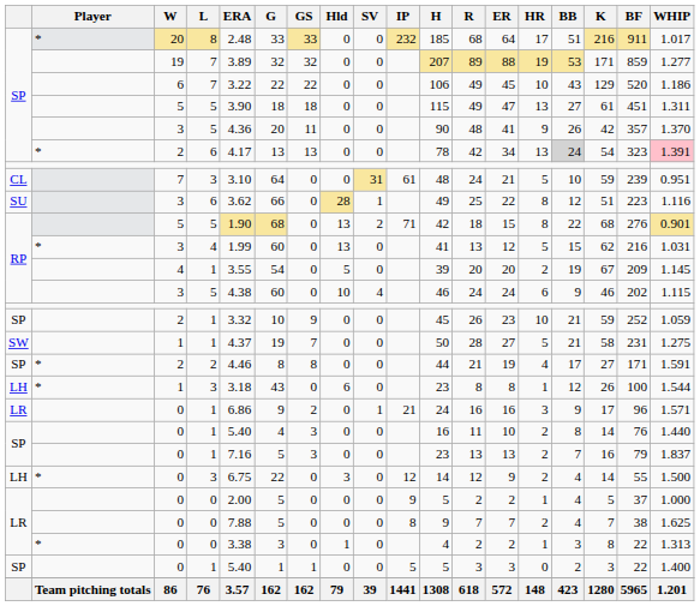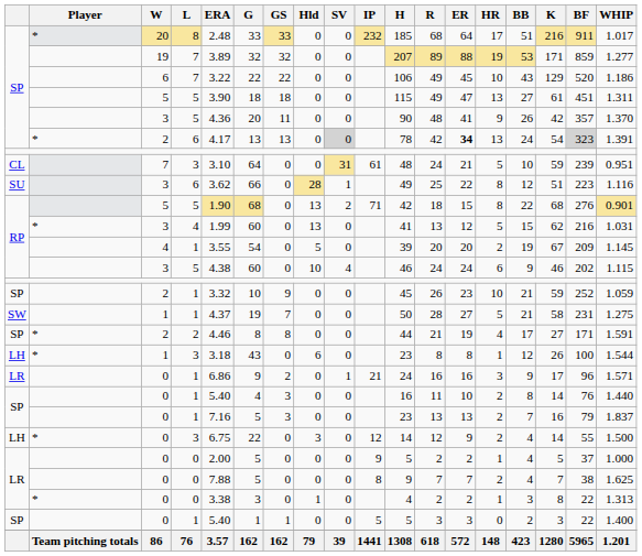 <table class="wikitable sortable sticky-header" style="text-align:right; font-size:88%;">
 <tr>
 <th></th>
 <th>Player</th>
 <th>W</th>
 <th>L</th>
 <th>ERA</th>
 <th>G</th>
 <th>GS</th>
 <th>Hld</th>
 <th>SV</th>
 <th>IP</th>
 <th>H</th>
 <th>R</th>
 <th>ER</th>
 <th>HR</th>
 <th>BB</th>
 <th>K</th>
 <th>BF</th>
 <th>WHIP</th>
 </tr>
 <tr>
 <td rowspan="6" align=center><a href='#'>SP</a></td>
 <td align=left style="background: #e5e7e9">*</td>
 <td style="background: #f9e79f; border:1px solid #aaa; width:2em;">20</td>
 <td style="background: #f9e79f; border:1px solid #aaa; width:2em;">8</td>
 <td>2.48</td>
 <td>33</td>
 <td style="background: #f9e79f; border:1px solid #aaa; width:2em;">33</td>
 <td>0</td>
 <td>0</td>
 <td style="background: #f9e79f; border:1px solid #aaa; width:2em;">232</td>
 <td>185</td>
 <td>68</td>
 <td>64</td>
 <td>17</td>
 <td>51</td>
 <td style="background: #f9e79f; border:1px solid #aaa; width:2em;">216</td>
 <td style="background: #f9e79f; border:1px solid #aaa; width:2em;">911</td>
 <td>1.017</td>
 </tr>
 <tr>
 <td style=text-align:left></td>
 <td>19</td>
 <td>7</td>
 <td>3.89</td>
 <td>32</td>
 <td>32</td>
 <td>0</td>
 <td>0</td>
 <td></td>
 <td style="background: #f9e79f; border:1px solid #aaa; width:2em;">207</td>
 <td style="background: #f9e79f; border:1px solid #aaa; width:2em;">89</td>
 <td style="background: #f9e79f; border:1px solid #aaa; width:2em;">88</td>
 <td style="background: #f9e79f; border:1px solid #aaa; width:2em;">19</td>
 <td style="background: #f9e79f; border:1px solid #aaa; width:2em;">53</td>
 <td>171</td>
 <td>859</td>
 <td>1.277</td>
 </tr>
 <tr>
 <td style=text-align:left></td>
 <td>6</td>
 <td>7</td>
 <td>3.22</td>
 <td>22</td>
 <td>22</td>
 <td>0</td>
 <td>0</td>
 <td></td>
 <td>106</td>
 <td>49</td>
 <td>45</td>
 <td>10</td>
 <td>43</td>
 <td>129</td>
 <td>520</td>
 <td>1.186</td>
 </tr>
 <tr>
 <td style=text-align:left></td>
 <td>5</td>
 <td>5</td>
 <td>3.90</td>
 <td>18</td>
 <td>18</td>
 <td>0</td>
 <td>0</td>
 <td></td>
 <td>115</td>
 <td>49</td>
 <td>47</td>
 <td>13</td>
 <td>27</td>
 <td>61</td>
 <td>451</td>
 <td>1.311</td>
 </tr>
 <tr>
 <td style=text-align:left></td>
 <td>3</td>
 <td>5</td>
 <td>4.36</td>
 <td>20</td>
 <td>11</td>
 <td>0</td>
 <td>0</td>
 <td></td>
 <td>90</td>
 <td>48</td>
 <td>41</td>
 <td>9</td>
 <td>26</td>
 <td>42</td>
 <td>357</td>
 <td>1.370</td>
 </tr>
 <tr>
 <td style=text-align:left>*</td>
 <td>2</td>
 <td>6</td>
 <td>4.17</td>
 <td>13</td>
 <td>13</td>
 <td>0</td>
-<td>0</td>
+<td style="background: lightgrey;">0</td>
 <td></td>
 <td>78</td>
 <td>42</td>
-<td>34</td>
+<td><strong>34</strong></td>
 <td>13</td>
-<td style="background: lightgrey;">24</td>
+<td>24</td>
 <td>54</td>
-<td>323</td>
-<td style="background: pink;">1.391</td>
+<td style="background: lightgrey;">323</td>
+<td>1.391</td>
 </tr>
 <tr>
 <td colspan="17"></td>
 <td></td>
 </tr>
 <tr>
 <td align=center><a href='#'>CL</a></td>
 <td align=left style="background: #e5e7e9"></td>
 <td>7</td>
 <td>3</td>
 <td>3.10</td>
 <td>64</td>
 <td>0</td>
 <td>0</td>
 <td style="background: #f9e79f; border:1px solid #aaa; width:2em;">31</td>
 <td>61</td>
 <td>48</td>
 <td>24</td>
 <td>21</td>
 <td>5</td>
 <td>10</td>
 <td>59</td>
 <td>239</td>
 <td>0.951</td>
 </tr>
 <tr>
 <td align=center><a href='#'>SU</a></td>
 <td align=left style="background: #e5e7e9"></td>
 <td>3</td>
 <td>6</td>
 <td>3.62</td>
 <td>66</td>
 <td>0</td>
 <td style="background: #f9e79f; border:1px solid #aaa; width:2em;">28</td>
 <td>1</td>
 <td></td>
 <td>49</td>
 <td>25</td>
 <td>22</td>
 <td>8</td>
 <td>12</td>
 <td>51</td>
 <td>223</td>
 <td>1.116</td>
 </tr>
 <tr>
 <td rowspan="4" align=center><a href='#'>RP</a></td>
 <td align=left style="background: #e5e7e9"></td>
 <td>5</td>
 <td>5</td>
 <td style="background: #f9e79f; border:1px solid #aaa; width:2em;">1.90</td>
 <td style="background: #f9e79f; border:1px solid #aaa; width:2em;">68</td>
 <td>0</td>
 <td>13</td>
 <td>2</td>
 <td>71</td>
 <td>42</td>
 <td>18</td>
 <td>15</td>
 <td>8</td>
 <td>22</td>
 <td>68</td>
 <td>276</td>
 <td style="background: #f9e79f; border:1px solid #aaa; width:2em;">0.901</td>
 </tr>
 <tr>
 <td style=text-align:left>*</td>
 <td>3</td>
 <td>4</td>
 <td>1.99</td>
 <td>60</td>
 <td>0</td>
 <td>13</td>
 <td>0</td>
 <td></td>
 <td>41</td>
 <td>13</td>
 <td>12</td>
 <td>5</td>
 <td>15</td>
 <td>62</td>
 <td>216</td>
 <td>1.031</td>
 </tr>
 <tr>
 <td style=text-align:left></td>
 <td>4</td>
 <td>1</td>
 <td>3.55</td>
 <td>54</td>
 <td>0</td>
 <td>5</td>
 <td>0</td>
 <td></td>
 <td>39</td>
 <td>20</td>
 <td>20</td>
 <td>2</td>
 <td>19</td>
 <td>67</td>
 <td>209</td>
 <td>1.145</td>
 </tr>
 <tr>
 <td style=text-align:left></td>
 <td>3</td>
 <td>5</td>
 <td>4.38</td>
 <td>60</td>
 <td>0</td>
 <td>10</td>
 <td>4</td>
 <td></td>
 <td>46</td>
 <td>24</td>
 <td>24</td>
 <td>6</td>
 <td>9</td>
 <td>46</td>
 <td>202</td>
 <td>1.115</td>
 </tr>
 <tr>
 <td colspan="17"></td>
 <td></td>
 </tr>
 <tr>
 <td align=center>SP</td>
 <td style=text-align:left></td>
 <td>2</td>
 <td>1</td>
 <td>3.32</td>
 <td>10</td>
 <td>9</td>
 <td>0</td>
 <td>0</td>
 <td></td>
 <td>45</td>
 <td>26</td>
 <td>23</td>
 <td>10</td>
 <td>21</td>
 <td>59</td>
 <td>252</td>
 <td>1.059</td>
 </tr>
 <tr>
 <td align=center><a href='#'>SW</a></td>
 <td style=text-align:left></td>
 <td>1</td>
 <td>1</td>
 <td>4.37</td>
 <td>19</td>
 <td>7</td>
 <td>0</td>
 <td>0</td>
 <td></td>
 <td>50</td>
 <td>28</td>
 <td>27</td>
 <td>5</td>
 <td>21</td>
 <td>58</td>
 <td>231</td>
 <td>1.275</td>
 </tr>
 <tr>
 <td align=center>SP</td>
 <td style=text-align:left>*</td>
 <td>2</td>
 <td>2</td>
 <td>4.46</td>
 <td>8</td>
 <td>8</td>
 <td>0</td>
 <td>0</td>
 <td></td>
 <td>44</td>
 <td>21</td>
 <td>19</td>
 <td>4</td>
 <td>17</td>
 <td>27</td>
 <td>171</td>
 <td>1.591</td>
 </tr>
 <tr>
 <td align=center><a href='#'>LH</a></td>
 <td style=text-align:left>*</td>
 <td>1</td>
 <td>3</td>
 <td>3.18</td>
 <td>43</td>
 <td>0</td>
 <td>6</td>
 <td>0</td>
 <td></td>
 <td>23</td>
 <td>8</td>
 <td>8</td>
 <td>1</td>
 <td>12</td>
 <td>26</td>
 <td>100</td>
 <td>1.544</td>
 </tr>
 <tr>
 <td align=center><a href='#'>LR</a></td>
 <td style=text-align:left></td>
 <td>0</td>
 <td>1</td>
 <td>6.86</td>
 <td>9</td>
 <td>2</td>
 <td>0</td>
 <td>1</td>
 <td>21</td>
 <td>24</td>
 <td>16</td>
 <td>16</td>
 <td>3</td>
 <td>9</td>
 <td>17</td>
 <td>96</td>
 <td>1.571</td>
 </tr>
 <tr>
 <td rowspan="2" align=center>SP</td>
 <td style=text-align:left></td>
 <td>0</td>
 <td>1</td>
 <td>5.40</td>
 <td>4</td>
 <td>3</td>
 <td>0</td>
 <td>0</td>
 <td></td>
 <td>16</td>
 <td>11</td>
 <td>10</td>
 <td>2</td>
 <td>8</td>
 <td>14</td>
 <td>76</td>
 <td>1.440</td>
 </tr>
 <tr>
 <td style=text-align:left></td>
 <td>0</td>
 <td>1</td>
 <td>7.16</td>
 <td>5</td>
 <td>3</td>
 <td>0</td>
 <td>0</td>
 <td></td>
 <td>23</td>
 <td>13</td>
 <td>13</td>
 <td>2</td>
 <td>7</td>
 <td>16</td>
 <td>79</td>
 <td>1.837</td>
 </tr>
 <tr>
 <td align=center>LH</td>
 <td style=text-align:left>*</td>
 <td>0</td>
 <td>3</td>
 <td>6.75</td>
 <td>22</td>
 <td>0</td>
 <td>3</td>
 <td>0</td>
 <td>12</td>
 <td>14</td>
 <td>12</td>
 <td>9</td>
 <td>2</td>
 <td>4</td>
 <td>14</td>
 <td>55</td>
 <td>1.500</td>
 </tr>
 <tr>
 <td rowspan="3" align=center>LR</td>
 <td style=text-align:left></td>
 <td>0</td>
 <td>0</td>
 <td>2.00</td>
 <td>5</td>
 <td>0</td>
 <td>0</td>
 <td>0</td>
 <td>9</td>
 <td>5</td>
 <td>2</td>
 <td>2</td>
 <td>1</td>
 <td>4</td>
 <td>5</td>
 <td>37</td>
 <td>1.000</td>
 </tr>
 <tr>
 <td style=text-align:left></td>
 <td>0</td>
 <td>0</td>
 <td>7.88</td>
 <td>5</td>
 <td>0</td>
 <td>0</td>
 <td>0</td>
 <td>8</td>
 <td>9</td>
 <td>7</td>
 <td>7</td>
 <td>2</td>
 <td>4</td>
 <td>7</td>
 <td>38</td>
 <td>1.625</td>
 </tr>
 <tr>
 <td style=text-align:left>*</td>
 <td>0</td>
 <td>0</td>
 <td>3.38</td>
 <td>3</td>
 <td>0</td>
 <td>1</td>
 <td>0</td>
 <td></td>
 <td>4</td>
 <td>2</td>
 <td>2</td>
 <td>1</td>
 <td>3</td>
 <td>8</td>
 <td>22</td>
 <td>1.313</td>
 </tr>
 <tr>
 <td align=center>SP</td>
 <td style=text-align:left></td>
 <td>0</td>
 <td>1</td>
 <td>5.40</td>
 <td>1</td>
 <td>1</td>
 <td>0</td>
 <td>0</td>
 <td>5</td>
 <td>5</td>
 <td>3</td>
 <td>3</td>
 <td>0</td>
 <td>2</td>
 <td>3</td>
 <td>22</td>
 <td>1.400</td>
 </tr>
 <tr>
 </tr>
 <tr class="sortbottom">
 <th></th>
 <th>Team pitching totals</th>
 <th>86</th>
 <th>76</th>
 <th>3.57</th>
 <th>162</th>
 <th>162</th>
 <th>79</th>
 <th>39</th>
 <th>1441</th>
 <th>1308</th>
 <th>618</th>
 <th>572</th>
 <th>148</th>
 <th>423</th>
 <th>1280</th>
 <th>5965</th>
 <th>1.201</th>
 </tr>
 </table>
